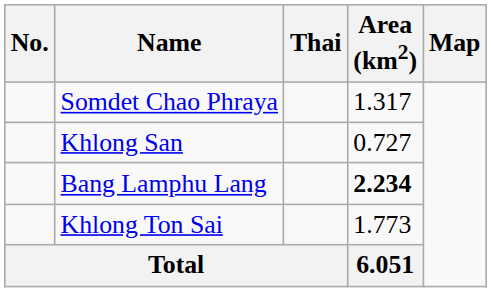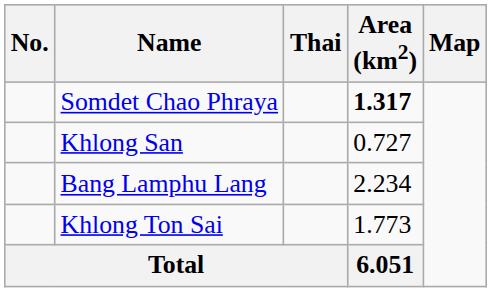 <table class="wikitable sortable">
 <tr>
 <th>No.</th>
 <th>Name</th>
 <th>Thai</th>
 <th>Area<br>(km<sup>2</sup>)</th>
 <th>Map</th>
 </tr>
 <tr>
 <td></td>
 <td><a href='#'>Somdet Chao Phraya</a></td>
 <td></td>
-<td><div>1.317</div></td>
+<td><strong><div>1.317</div></strong></td>
 <td rowspan=5></td>
 </tr>
 <tr>
 <td></td>
 <td><a href='#'>Khlong San</a></td>
 <td></td>
 <td><div>0.727</div></td>
 </tr>
 <tr>
 <td></td>
 <td><a href='#'>Bang Lamphu Lang</a></td>
 <td></td>
-<td><strong><div>2.234</div></strong></td>
+<td><div>2.234</div></td>
 </tr>
 <tr>
 <td></td>
 <td><a href='#'>Khlong Ton Sai</a></td>
 <td></td>
 <td><div>1.773</div></td>
 </tr>
 <tr>
 <th colspan=3>Total</th>
 <th><div>6.051</div></th>
 </tr>
 </table>
